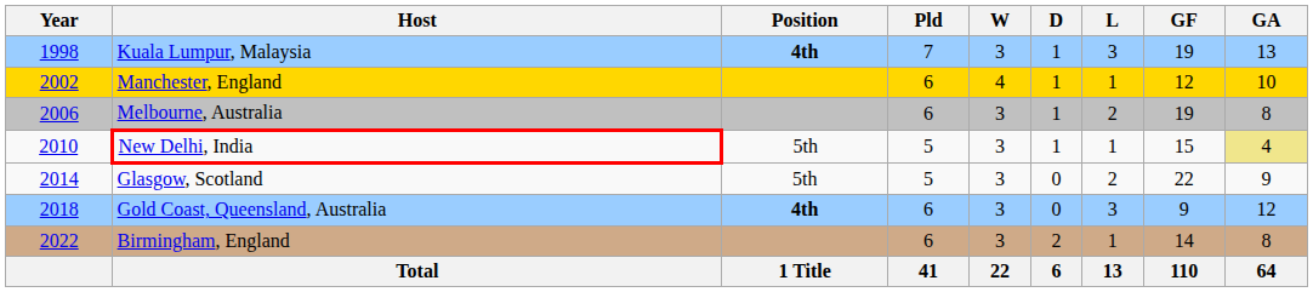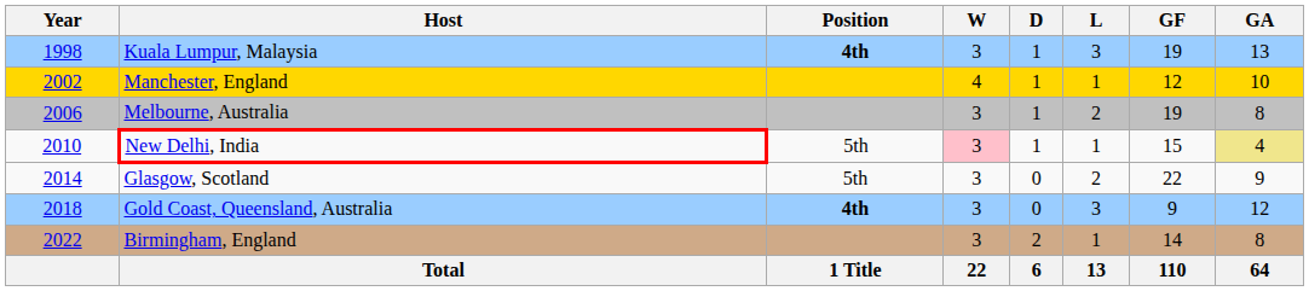 <table class="wikitable" style="text-align: center; width:85%">
 <tr>
 <th>Year</th>
 <th>Host</th>
 <th>Position</th>
-<th>Pld</th>
 <th>W</th>
 <th>D</th>
 <th>L</th>
 <th>GF</th>
 <th>GA</th>
 </tr>
 <tr style="background:#9acdff;">
 <td><a href='#'>1998</a></td>
 <td align=left> <a href='#'>Kuala Lumpur</a>, Malaysia</td>
 <td><strong>4th</strong></td>
-<td>7</td>
 <td>3</td>
 <td>1</td>
 <td>3</td>
 <td>19</td>
 <td>13</td>
 </tr>
 <tr bgcolor=Gold>
 <td><a href='#'>2002</a></td>
 <td align=left> <a href='#'>Manchester</a>, England</td>
 <td></td>
-<td>6</td>
 <td>4</td>
 <td>1</td>
 <td>1</td>
 <td>12</td>
 <td>10</td>
 </tr>
 <tr bgcolor=Silver>
 <td><a href='#'>2006</a></td>
 <td align=left> <a href='#'>Melbourne</a>, Australia</td>
 <td></td>
-<td>6</td>
 <td>3</td>
 <td>1</td>
 <td>2</td>
 <td>19</td>
 <td>8</td>
 </tr>
 <tr>
 <td><a href='#'>2010</a></td>
 <td align=left style="border: 3px solid red"> <a href='#'>New Delhi</a>, India</td>
 <td>5th</td>
-<td>5</td>
-<td>3</td>
+<td style="background: pink;">3</td>
 <td>1</td>
 <td>1</td>
 <td>15</td>
 <td style="background: khaki;">4</td>
 </tr>
 <tr>
 <td><a href='#'>2014</a></td>
 <td align=left> <a href='#'>Glasgow</a>, Scotland</td>
 <td>5th</td>
-<td>5</td>
 <td>3</td>
 <td>0</td>
 <td>2</td>
 <td>22</td>
 <td>9</td>
 </tr>
 <tr style="background:#9acdff;">
 <td><a href='#'>2018</a></td>
 <td align=left> <a href='#'>Gold Coast, Queensland</a>, Australia</td>
 <td><strong>4th</strong></td>
-<td>6</td>
 <td>3</td>
 <td>0</td>
 <td>3</td>
 <td>9</td>
 <td>12</td>
 </tr>
 <tr bgcolor=#CFAA88>
 <td><a href='#'>2022</a></td>
 <td align=left> <a href='#'>Birmingham</a>, England</td>
 <td></td>
-<td>6</td>
 <td>3</td>
 <td>2</td>
 <td>1</td>
 <td>14</td>
 <td>8</td>
 </tr>
 <tr>
 <th></th>
 <th>Total</th>
 <th>1 Title</th>
-<th>41</th>
 <th>22</th>
 <th>6</th>
 <th>13</th>
 <th>110</th>
 <th>64</th>
 </tr>
 </table>
